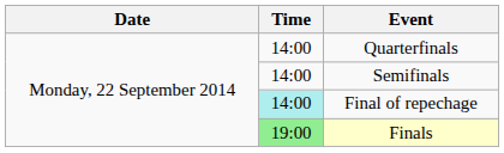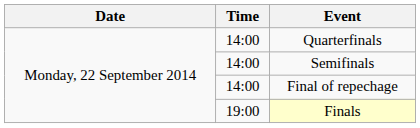 <table class = "wikitable" style="text-align:center;">
 <tr>
 <th width=220>Date</th>
 <th width=50>Time</th>
 <th width=150>Event</th>
 </tr>
 <tr>
 <td rowspan=4>Monday, 22 September 2014</td>
 <td>14:00</td>
 <td>Quarterfinals</td>
 </tr>
 <tr>
 <td>14:00</td>
 <td>Semifinals</td>
 </tr>
 <tr>
-<td style="background: paleturquoise;">14:00</td>
+<td>14:00</td>
 <td>Final of repechage</td>
 </tr>
 <tr>
-<td style="background: lightgreen;">19:00</td>
+<td>19:00</td>
 <td bgcolor=ffffcc>Finals</td>
 </tr>
 </table>
